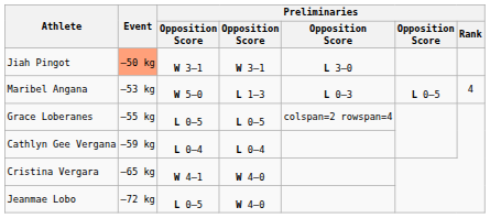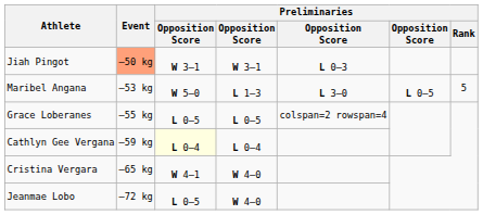 <table class="wikitable" style="font-size:90%">
 <tr>
 <th rowspan=2>Athlete</th>
 <th rowspan=2>Event</th>
 <th colspan=5>Preliminaries</th>
 </tr>
 <tr style="font-size:95">
 <th>Opposition<br>Score</th>
 <th>Opposition<br>Score</th>
 <th>Opposition<br>Score</th>
 <th>Opposition<br>Score</th>
 <th>Rank</th>
 </tr>
 <tr align=center>
 <td align=left>Jiah Pingot</td>
 <td align=left style="background: lightsalmon;">–50 kg</td>
 <td><br><strong>W</strong> 3–1</td>
 <td><br><strong>W</strong> 3–1</td>
-<td><br><strong>L</strong> 3–0</td>
+<td><br><strong>L</strong> 0–3</td>
 <td></td>
 <td></td>
 </tr>
 <tr align=center>
 <td align=left>Maribel Angana</td>
 <td align=left>–53 kg</td>
 <td><br><strong>W</strong> 5–0</td>
 <td><br><strong>L</strong> 1–3</td>
-<td><br><strong>L</strong> 0–3</td>
+<td><br><strong>L</strong> 3–0</td>
 <td><br><strong>L</strong> 0–5</td>
-<td>4</td>
+<td>5</td>
 </tr>
 <tr align=center>
 <td align=left>Grace Loberanes</td>
 <td align=left>–55 kg</td>
 <td><br><strong>L</strong> 0–5</td>
 <td><br><strong>L</strong> 0–5</td>
 <td>colspan=2 rowspan=4 </td>
 <td rowspan=2></td>
 </tr>
 <tr align=center>
 <td align=left>Cathlyn Gee Vergana</td>
 <td align=left>–59 kg</td>
-<td><br><strong>L</strong> 0–4</td>
+<td style="background: lightyellow;"><br><strong>L</strong> 0–4</td>
 <td><br><strong>L</strong> 0–4</td>
 </tr>
 <tr align=center>
 <td align=left>Cristina Vergara</td>
 <td align=left>–65 kg</td>
 <td><br><strong>W</strong> 4–1</td>
 <td><br><strong>W</strong> 4–0</td>
 <td></td>
 </tr>
 <tr align=center>
 <td align=left>Jeanmae Lobo</td>
 <td align=left>–72 kg</td>
 <td><br><strong>L</strong> 0–5</td>
 <td><br><strong>W</strong> 4–0</td>
 <td></td>
 </tr>
 </table>
